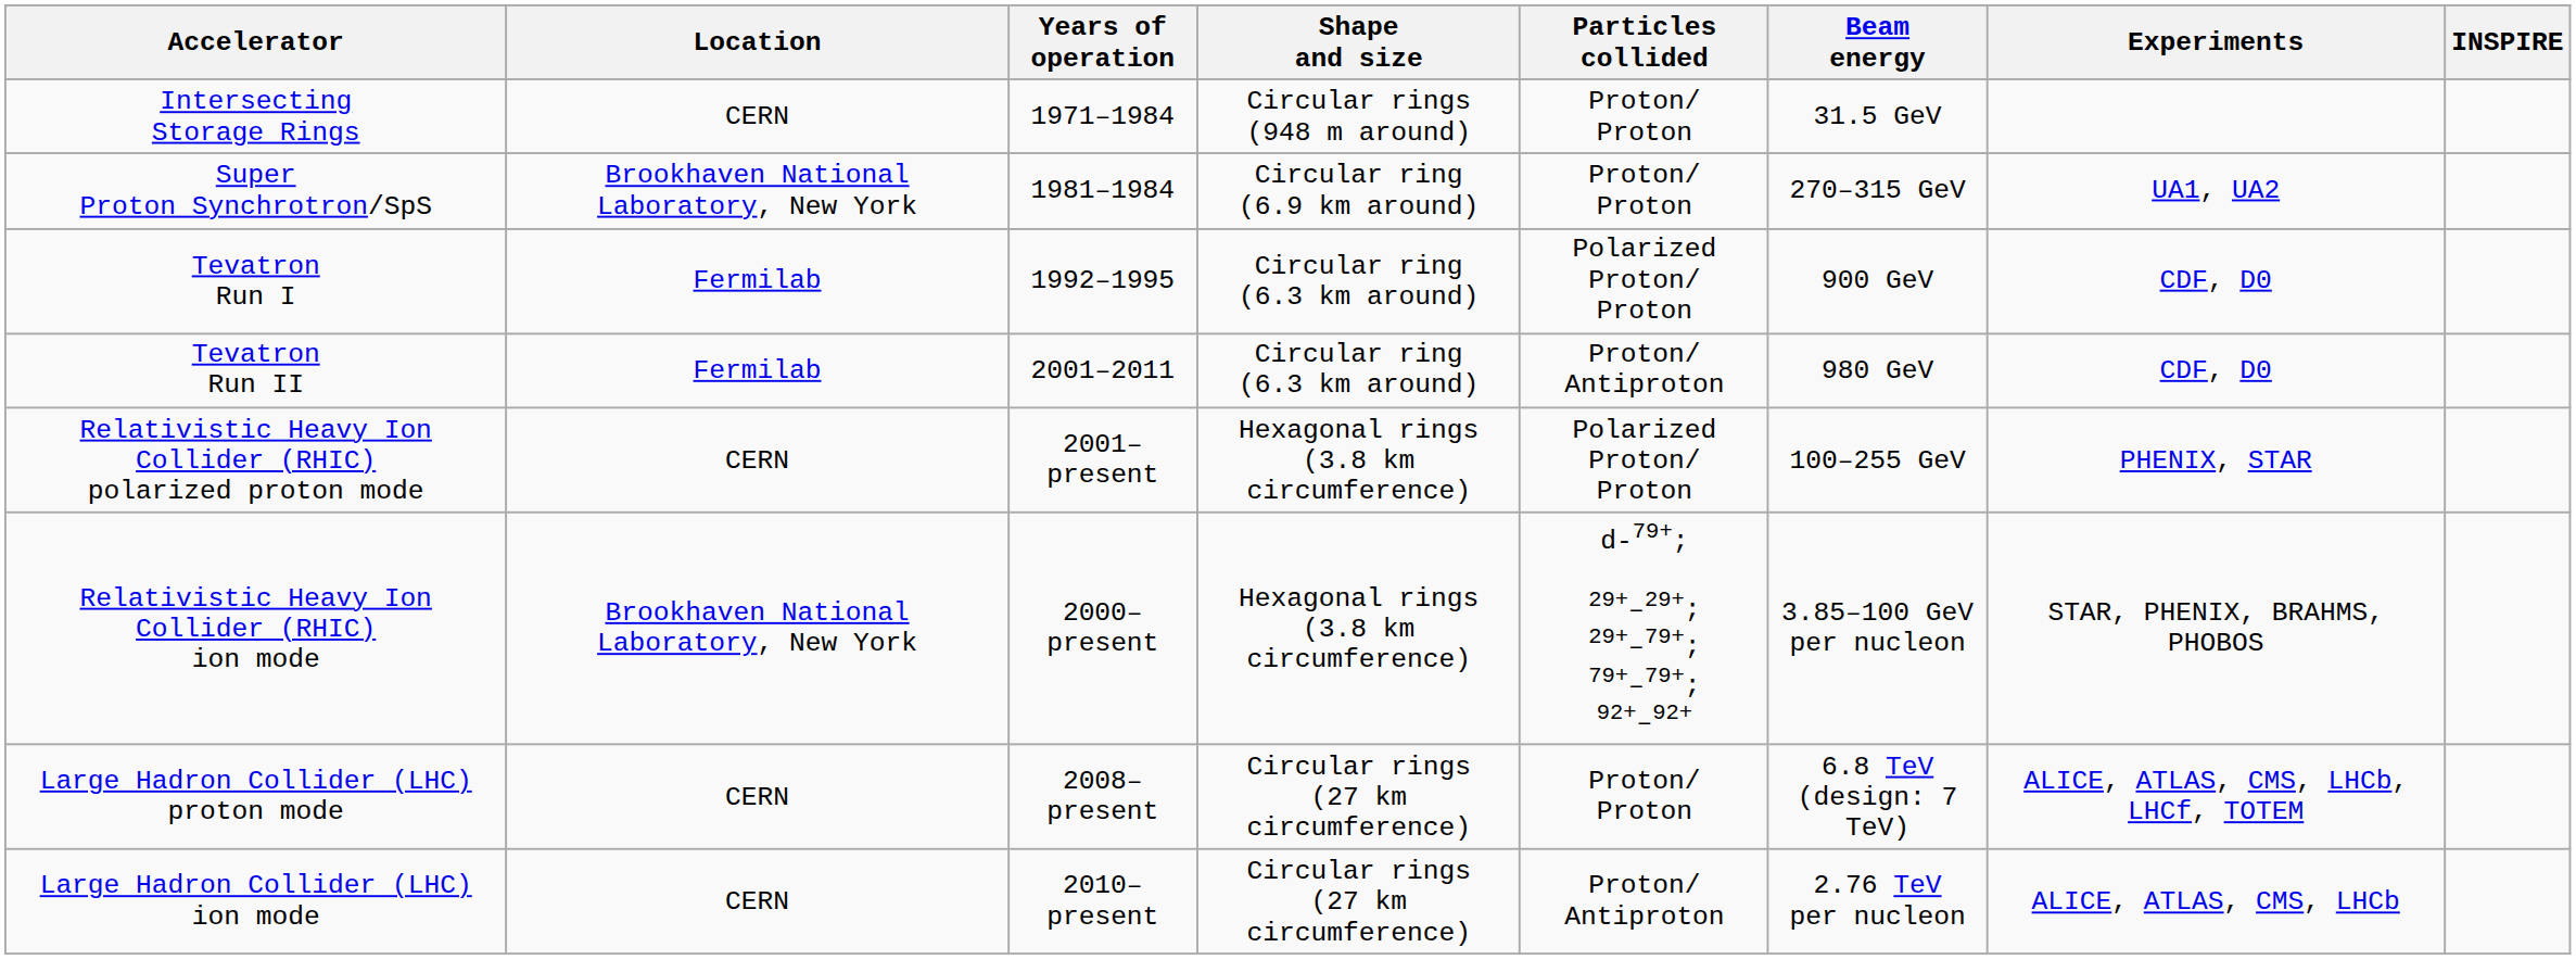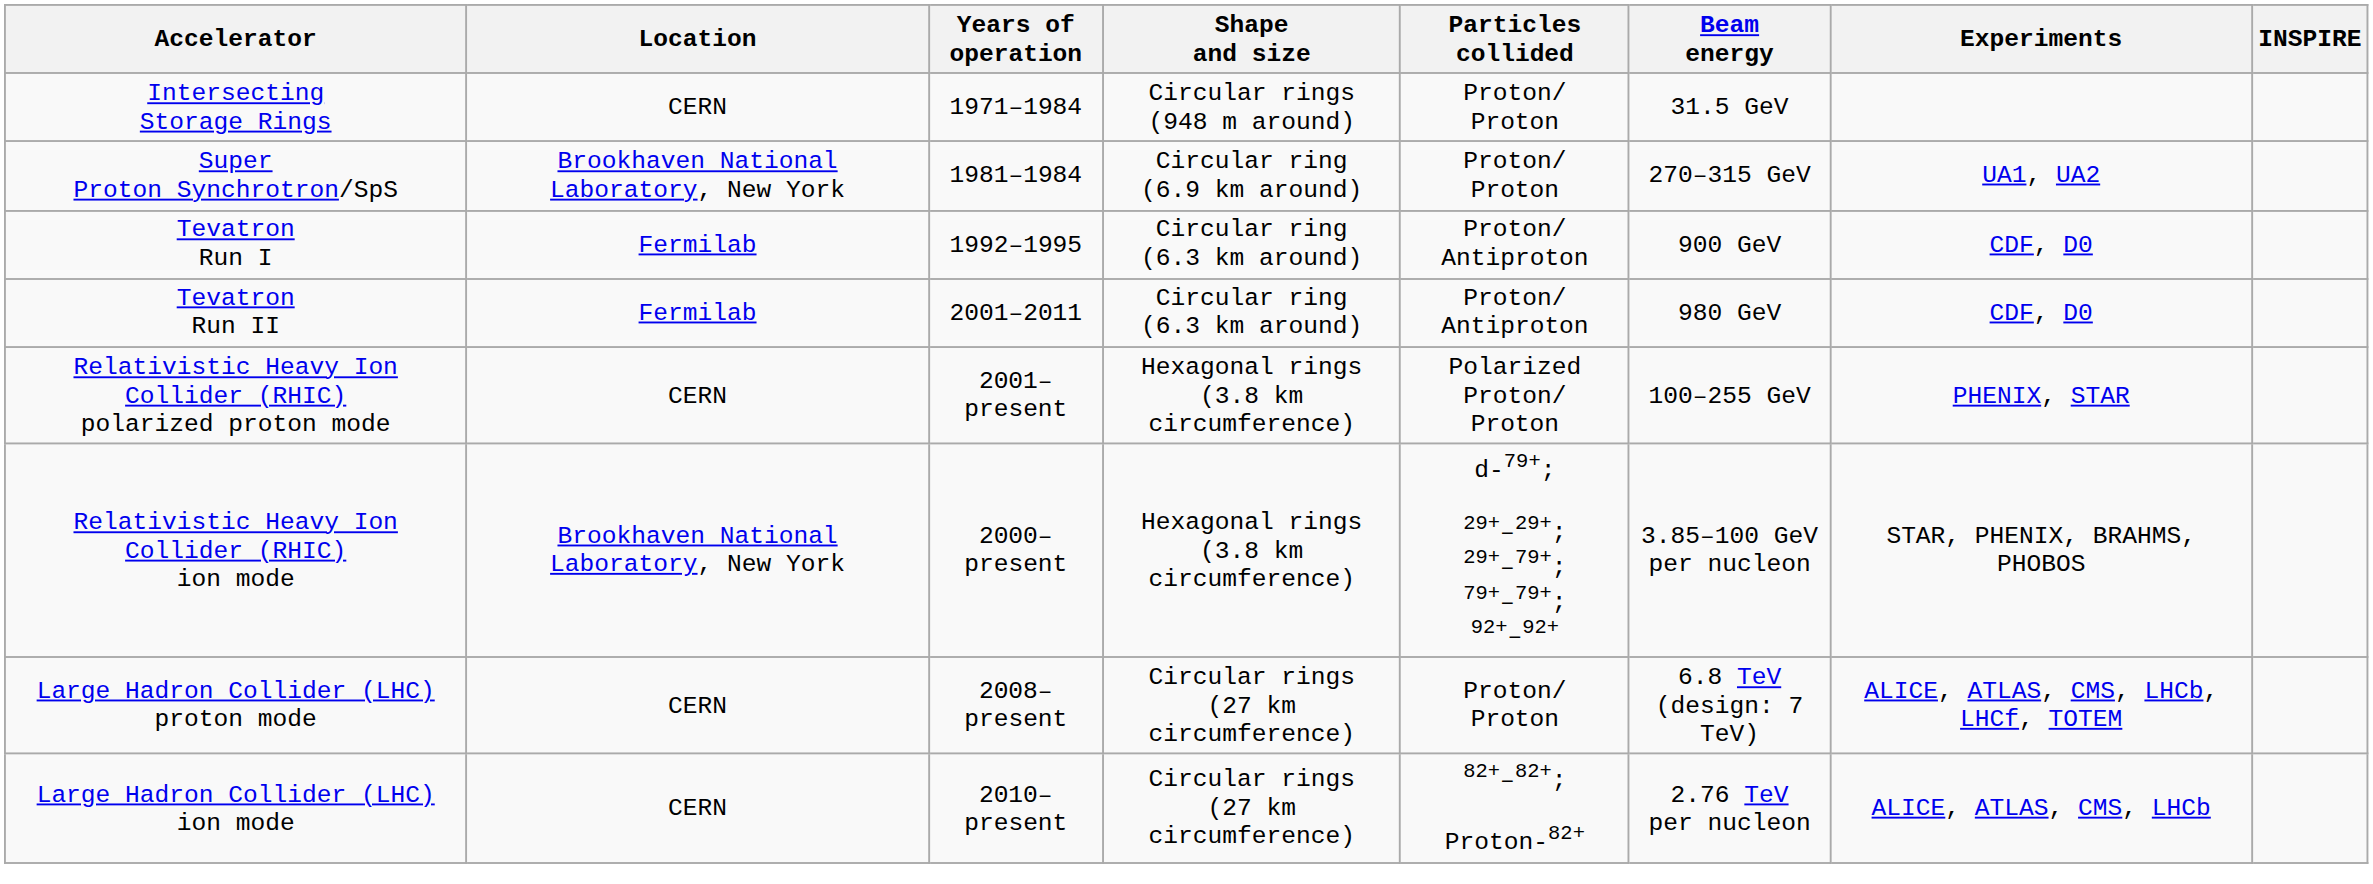 <table class="wikitable">
 <tr align="center">
 <th>Accelerator</th>
 <th>Location</th>
 <th>Years of <br>operation</th>
 <th>Shape <br>and size</th>
 <th>Particles<br>collided</th>
 <th width="100"><a href='#'>Beam</a><br>energy</th>
 <th>Experiments</th>
 <th>INSPIRE</th>
 </tr>
 <tr align="center">
 <td><a href='#'>Intersecting <br>Storage Rings</a></td>
 <td>CERN</td>
 <td>1971–1984</td>
 <td>Circular rings<br>(948 m around)</td>
 <td>Proton/<br>Proton</td>
 <td>31.5 GeV</td>
 <td></td>
 <td></td>
 </tr>
 <tr align="center">
 <td><a href='#'>Super<br>Proton Synchrotron</a>/SpS</td>
 <td><a href='#'>Brookhaven National Laboratory</a>, New York</td>
 <td>1981–1984</td>
 <td>Circular ring<br>(6.9 km around)</td>
 <td>Proton/<br>Proton</td>
 <td>270–315 GeV</td>
 <td><a href='#'>UA1</a>, <a href='#'>UA2</a></td>
 <td></td>
 </tr>
 <tr align="center">
 <td><a href='#'>Tevatron</a><br>Run I</td>
 <td><a href='#'>Fermilab</a></td>
 <td>1992–1995</td>
 <td>Circular ring<br>(6.3 km around)</td>
-<td>Polarized Proton/<br>Proton</td>
+<td>Proton/<br>Antiproton</td>
 <td>900 GeV</td>
 <td><a href='#'>CDF</a>, <a href='#'>D0</a></td>
 <td></td>
 </tr>
 <tr align="center">
 <td><a href='#'>Tevatron</a><br>Run II</td>
 <td><a href='#'>Fermilab</a></td>
 <td>2001–2011</td>
 <td>Circular ring<br>(6.3 km around)</td>
 <td>Proton/<br>Antiproton</td>
 <td>980 GeV</td>
 <td><a href='#'>CDF</a>, <a href='#'>D0</a></td>
 <td></td>
 </tr>
 <tr align="center">
 <td><a href='#'> Relativistic Heavy Ion Collider (RHIC)</a><br>polarized proton mode</td>
 <td>CERN</td>
 <td>2001–present</td>
 <td>Hexagonal rings<br>(3.8 km circumference)</td>
 <td>Polarized Proton/<br>Proton</td>
 <td>100–255 GeV</td>
 <td><a href='#'>PHENIX</a>, <a href='#'>STAR</a></td>
 <td></td>
 </tr>
 <tr align="center">
 <td><a href='#'> Relativistic Heavy Ion Collider (RHIC)</a><br>ion mode</td>
 <td><a href='#'>Brookhaven National Laboratory</a>, New York</td>
 <td>2000–present</td>
 <td>Hexagonal rings<br>(3.8 km circumference)</td>
 <td>d-<sup>79+</sup>;<br><br><sup>29+</sup>–<sup>29+</sup>;<br> <sup>29+</sup>–<sup>79+</sup>;<br> <sup>79+</sup>–<sup>79+</sup>;<br> <sup>92+</sup>–<sup>92+</sup></td>
 <td>3.85–100 GeV <br>per nucleon</td>
 <td>STAR, PHENIX, BRAHMS, PHOBOS</td>
 <td></td>
 </tr>
 <tr align="center">
 <td><a href='#'> Large Hadron Collider (LHC)</a><br>proton mode</td>
 <td>CERN</td>
 <td>2008–present</td>
 <td>Circular rings<br>(27 km circumference)</td>
 <td>Proton/<br>Proton</td>
 <td>6.8 <a href='#'>TeV</a><br> (design: 7 TeV)</td>
 <td><a href='#'>ALICE</a>, <a href='#'>ATLAS</a>, <a href='#'>CMS</a>, <a href='#'>LHCb</a>, <a href='#'>LHCf</a>, <a href='#'>TOTEM</a></td>
 <td></td>
 </tr>
 <tr align="center">
 <td><a href='#'> Large Hadron Collider (LHC)</a><br>ion mode</td>
 <td>CERN</td>
 <td>2010–present</td>
 <td>Circular rings<br>(27 km circumference)</td>
-<td>Proton/<br>Antiproton</td>
+<td><sup>82+</sup>–<sup>82+</sup>;<br><br>Proton-<sup>82+</sup></td>
 <td>2.76 <a href='#'>TeV</a> <br>per nucleon</td>
 <td><a href='#'>ALICE</a>, <a href='#'>ATLAS</a>, <a href='#'>CMS</a>, <a href='#'>LHCb</a></td>
 <td></td>
 </tr>
 </table>
